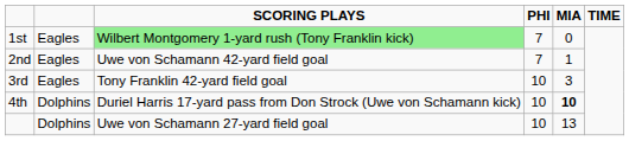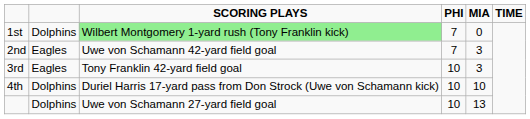 <table class="wikitable">
 <tr align="center">
 <td></td>
 <td></td>
 <td><strong>SCORING PLAYS</strong></td>
 <td><strong>PHI</strong></td>
 <td><strong>MIA</strong></td>
 <td><strong>TIME</strong></td>
 </tr>
 <tr>
 <td>1st</td>
-<td>Eagles</td>
+<td>Dolphins</td>
 <td style="background: lightgreen;">Wilbert Montgomery 1-yard rush (Tony Franklin kick)</td>
 <td align="center">7</td>
 <td align="center">0</td>
 </tr>
 <tr>
 <td>2nd</td>
 <td>Eagles</td>
 <td>Uwe von Schamann 42-yard field goal</td>
 <td align="center">7</td>
-<td align="center">1</td>
+<td align="center">3</td>
 </tr>
 <tr>
 <td>3rd</td>
 <td>Eagles</td>
 <td>Tony Franklin 42-yard field goal</td>
 <td align="center">10</td>
 <td align="center">3</td>
 </tr>
 <tr>
 <td>4th</td>
 <td>Dolphins</td>
 <td>Duriel Harris 17-yard pass from Don Strock (Uwe von Schamann kick)</td>
 <td align="center">10</td>
-<td align="center"><strong>10</strong></td>
+<td align="center">10</td>
 </tr>
 <tr>
 <td></td>
 <td>Dolphins</td>
 <td>Uwe von Schamann 27-yard field goal</td>
 <td align="center">10</td>
 <td align="center">13</td>
 </tr>
 </table>
